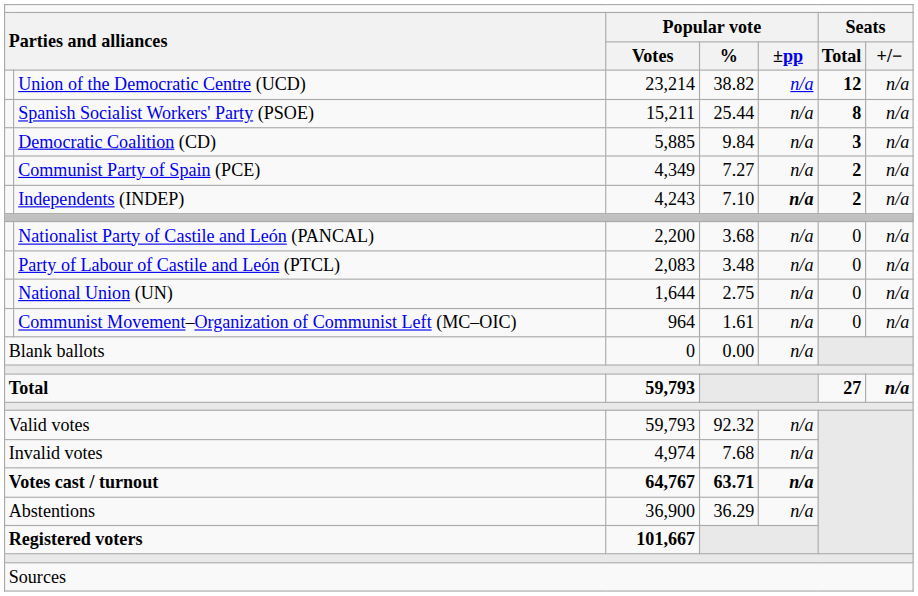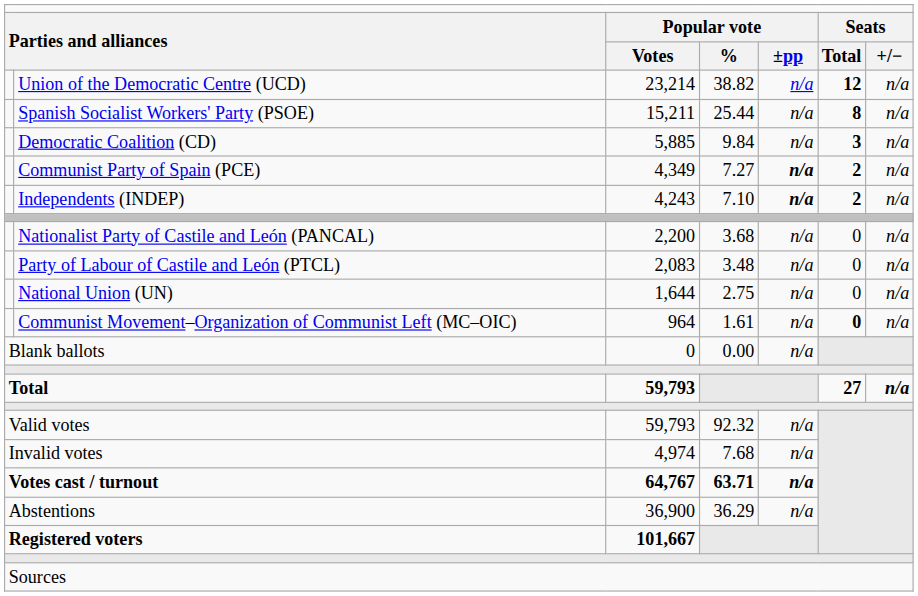 <table class="wikitable" style="text-align:right;">
 <tr>
 <td colspan="7"></td>
 </tr>
 <tr>
 <th style="text-align:left;" rowspan="2" colspan="2" width="525">Parties and alliances</th>
 <th colspan="3">Popular vote</th>
 <th colspan="2">Seats</th>
 </tr>
 <tr>
 <th width="75">Votes</th>
 <th width="45">%</th>
 <th width="45">±<a href='#'>pp</a></th>
 <th width="35">Total</th>
 <th width="35">+/−</th>
 </tr>
 <tr>
 <td width="1" style="color:inherit;background:"></td>
 <td align="left"><a href='#'>Union of the Democratic Centre</a> (UCD)</td>
 <td>23,214</td>
 <td>38.82</td>
 <td><em><a href='#'>n/a</a></em></td>
 <td><strong>12</strong></td>
 <td><em>n/a</em></td>
 </tr>
 <tr>
 <td style="color:inherit;background:"></td>
 <td align="left"><a href='#'>Spanish Socialist Workers' Party</a> (PSOE)</td>
 <td>15,211</td>
 <td>25.44</td>
 <td><em>n/a</em></td>
 <td><strong>8</strong></td>
 <td><em>n/a</em></td>
 </tr>
 <tr>
 <td style="color:inherit;background:"></td>
 <td align="left"><a href='#'>Democratic Coalition</a> (CD)</td>
 <td>5,885</td>
 <td>9.84</td>
 <td><em>n/a</em></td>
 <td><strong>3</strong></td>
 <td><em>n/a</em></td>
 </tr>
 <tr>
 <td style="color:inherit;background:"></td>
 <td align="left"><a href='#'>Communist Party of Spain</a> (PCE)</td>
 <td>4,349</td>
 <td>7.27</td>
-<td><em>n/a</em></td>
+<td><strong><em>n/a</em></strong></td>
 <td><strong>2</strong></td>
 <td><em>n/a</em></td>
 </tr>
 <tr>
 <td style="color:inherit;background:"></td>
 <td align="left"><a href='#'>Independents</a> (INDEP)</td>
 <td>4,243</td>
 <td>7.10</td>
 <td><strong><em>n/a</em></strong></td>
 <td><strong>2</strong></td>
 <td><em>n/a</em></td>
 </tr>
 <tr>
 <td colspan="7" bgcolor="#C0C0C0"></td>
 </tr>
 <tr>
 <td style="color:inherit;background:"></td>
 <td align="left"><a href='#'>Nationalist Party of Castile and León</a> (PANCAL)</td>
 <td>2,200</td>
 <td>3.68</td>
 <td><em>n/a</em></td>
 <td>0</td>
 <td><em>n/a</em></td>
 </tr>
 <tr>
 <td style="color:inherit;background:"></td>
 <td align="left"><a href='#'>Party of Labour of Castile and León</a> (PTCL)</td>
 <td>2,083</td>
 <td>3.48</td>
 <td><em>n/a</em></td>
 <td>0</td>
 <td><em>n/a</em></td>
 </tr>
 <tr>
 <td style="color:inherit;background:"></td>
 <td align="left"><a href='#'>National Union</a> (UN)</td>
 <td>1,644</td>
 <td>2.75</td>
 <td><em>n/a</em></td>
 <td>0</td>
 <td><em>n/a</em></td>
 </tr>
 <tr>
 <td style="color:inherit;background:"></td>
 <td align="left"><a href='#'>Communist Movement</a>–<a href='#'>Organization of Communist Left</a> (MC–OIC)</td>
 <td>964</td>
 <td>1.61</td>
 <td><em>n/a</em></td>
-<td>0</td>
+<td><strong>0</strong></td>
 <td><em>n/a</em></td>
 </tr>
 <tr>
 <td align="left" colspan="2">Blank ballots</td>
 <td>0</td>
 <td>0.00</td>
 <td><em>n/a</em></td>
 <td bgcolor="#E9E9E9" colspan="2"></td>
 </tr>
 <tr>
 <td colspan="7" bgcolor="#E9E9E9"></td>
 </tr>
 <tr style="font-weight:bold;">
 <td align="left" colspan="2">Total</td>
 <td>59,793</td>
 <td bgcolor="#E9E9E9" colspan="2"></td>
 <td>27</td>
 <td><em>n/a</em></td>
 </tr>
 <tr>
 <td colspan="7" bgcolor="#E9E9E9"></td>
 </tr>
 <tr>
 <td align="left" colspan="2">Valid votes</td>
 <td>59,793</td>
 <td>92.32</td>
 <td><em>n/a</em></td>
 <td bgcolor="#E9E9E9" colspan="2" rowspan="5"></td>
 </tr>
 <tr>
 <td align="left" colspan="2">Invalid votes</td>
 <td>4,974</td>
 <td>7.68</td>
 <td><em>n/a</em></td>
 </tr>
 <tr style="font-weight:bold;">
 <td align="left" colspan="2">Votes cast / turnout</td>
 <td>64,767</td>
 <td>63.71</td>
 <td><em>n/a</em></td>
 </tr>
 <tr>
 <td align="left" colspan="2">Abstentions</td>
 <td>36,900</td>
 <td>36.29</td>
 <td><em>n/a</em></td>
 </tr>
 <tr style="font-weight:bold;">
 <td align="left" colspan="2">Registered voters</td>
 <td>101,667</td>
 <td bgcolor="#E9E9E9" colspan="2"></td>
 </tr>
 <tr>
 <td colspan="7" bgcolor="#E9E9E9"></td>
 </tr>
 <tr>
 <td align="left" colspan="7">Sources</td>
 </tr>
 </table>
